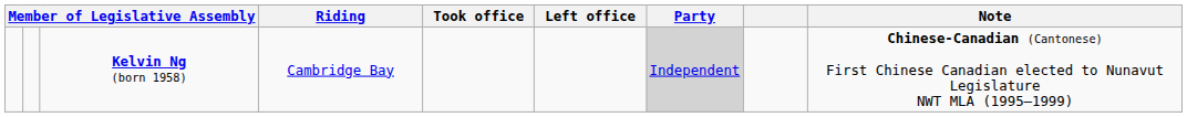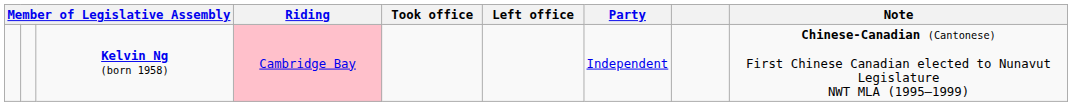 <table class="wikitable sortable plainrowheaders" style="text-align: center;">
 <tr>
 <th colspan="3" class=unsortable><a href='#'>Member of Legislative Assembly</a></th>
 <th scope="col" width=150px><a href='#'>Riding</a></th>
 <th scope="col" width=100px>Took office</th>
 <th scope="col" width=100px>Left office</th>
 <th scope="col" width=70px><a href='#'>Party</a></th>
 <th scope="col" class=unsortable width=55px></th>
 <th scope="col" class=unsortable width=350px>Note</th>
 </tr>
 <tr>
 <td rowspan="1" style="background:"></td>
 <td rowspan="1"></td>
 <td rowspan="1"><strong><a href='#'>Kelvin Ng</a></strong><br><small>(born 1958)</small></td>
-<td rowspan="1"><a href='#'>Cambridge Bay</a></td>
+<td rowspan="1" style="background: pink;"><a href='#'>Cambridge Bay</a></td>
 <td rowspan="1"></td>
 <td rowspan="1"></td>
-<td rowspan="1" style="background: lightgrey;"><a href='#'>Independent</a></td>
+<td rowspan="1"><a href='#'>Independent</a></td>
 <td rowspan="1"></td>
 <td rowspan="1"><strong>Chinese-Canadian</strong> <small>(Cantonese)</small><br><br>First Chinese Canadian elected to Nunavut Legislature<br>NWT MLA (1995–1999)</td>
 </tr>
 </table>
